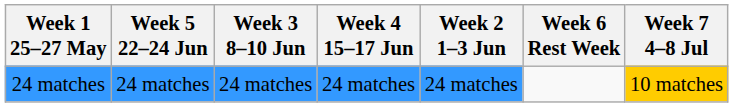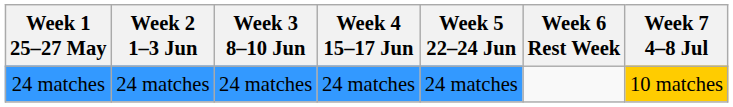 <table class="wikitable" style="margin:0.9em auto; font-size:90%; line-height:1.25em;">
 <tr>
 <th>Week 1<br>25–27 May</th>
-<th>Week 5<br>22–24 Jun</th>
+<th>Week 2<br>1–3 Jun</th>
 <th>Week 3<br>8–10 Jun</th>
 <th>Week 4<br>15–17 Jun</th>
-<th>Week 2<br>1–3 Jun</th>
+<th>Week 5<br>22–24 Jun</th>
 <th>Week 6<br>Rest Week</th>
 <th>Week 7<br>4–8 Jul</th>
 </tr>
 <tr align="center">
 <td bgcolor=#3399ff>24 matches</td>
 <td bgcolor=#3399ff>24 matches</td>
 <td bgcolor=#3399ff>24 matches</td>
 <td bgcolor=#3399ff>24 matches</td>
 <td bgcolor=#3399ff>24 matches</td>
 <td></td>
 <td bgcolor=#ffcc00>10 matches</td>
 </tr>
 </table>
